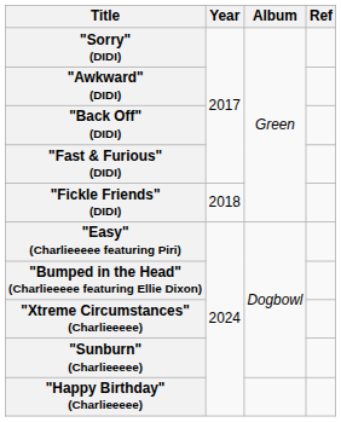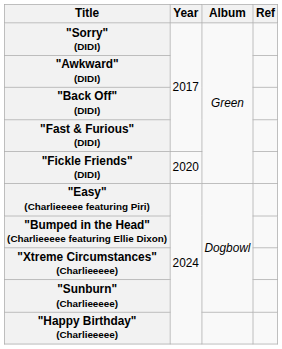 <table class="wikitable plainrowheaders" style="text-align:center;">
 <tr>
 <th scope="col">Title</th>
 <th scope="col">Year</th>
 <th>Album</th>
 <th scope="col">Ref</th>
 </tr>
 <tr>
 <th scope="row">"Sorry"<br><small>(DIDI)</small></th>
 <td rowspan="4">2017</td>
 <td rowspan="5"><em>Green</em></td>
 <td></td>
 </tr>
 <tr>
 <th scope="row">"Awkward"<br><small>(DIDI)</small></th>
 <td></td>
 </tr>
 <tr>
 <th scope="row">"Back Off"<br><small>(DIDI)</small></th>
 <td></td>
 </tr>
 <tr>
 <th scope="row">"Fast & Furious"<br><small>(DIDI)</small></th>
 <td></td>
 </tr>
 <tr>
 <th scope="row">"Fickle Friends"<br><small>(DIDI)</small></th>
-<td>2018</td>
+<td>2020</td>
 <td></td>
 </tr>
 <tr>
 <th scope="row">"Easy"<br><small>(Charlieeeee featuring Piri)</small></th>
 <td rowspan="5">2024</td>
 <td rowspan="4"><em>Dogbowl</em></td>
 <td></td>
 </tr>
 <tr>
 <th scope="row">"Bumped in the Head"<br><small>(Charlieeeee featuring Ellie Dixon)</small></th>
 <td></td>
 </tr>
 <tr>
 <th scope="row">"Xtreme Circumstances"<br><small>(Charlieeeee)</small></th>
 <td></td>
 </tr>
 <tr>
 <th scope="row">"Sunburn"<br><small>(Charlieeeee)</small></th>
 <td></td>
 </tr>
 <tr>
 <th scope="row">"Happy Birthday"<br><small>(Charlieeeee)</small></th>
 <td></td>
 <td></td>
 </tr>
 </table>
